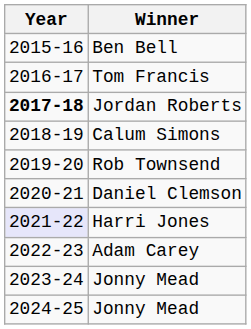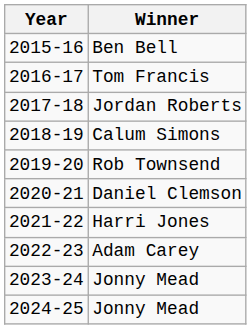 <table class="wikitable">
 <tr>
 <th>Year</th>
 <th>Winner</th>
 </tr>
 <tr>
 <td>2015-16</td>
 <td>Ben Bell</td>
 </tr>
 <tr>
 <td>2016-17</td>
 <td>Tom Francis</td>
 </tr>
 <tr>
-<td><strong>2017-18</strong></td>
+<td>2017-18</td>
 <td>Jordan Roberts</td>
 </tr>
 <tr>
 <td>2018-19</td>
 <td>Calum Simons</td>
 </tr>
 <tr>
 <td>2019-20</td>
 <td>Rob Townsend</td>
 </tr>
 <tr>
 <td>2020-21</td>
 <td>Daniel Clemson</td>
 </tr>
 <tr>
-<td style="background: lavender;">2021-22</td>
+<td>2021-22</td>
 <td>Harri Jones</td>
 </tr>
 <tr>
 <td>2022-23</td>
 <td>Adam Carey</td>
 </tr>
 <tr>
 <td>2023-24</td>
 <td>Jonny Mead</td>
 </tr>
 <tr>
 <td>2024-25</td>
 <td>Jonny Mead</td>
 </tr>
 </table>
